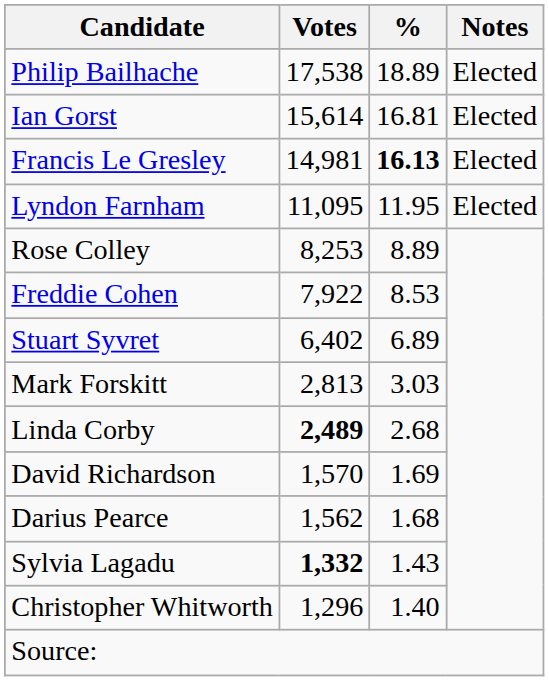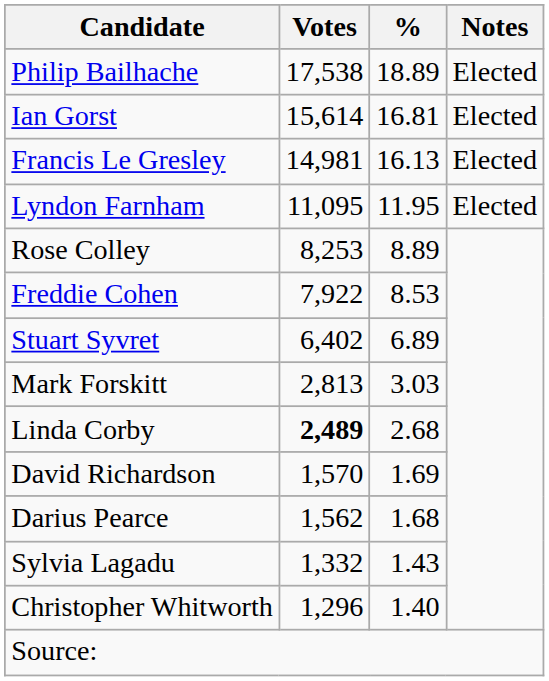 <table class=wikitable style=text-align:right>
 <tr>
 <th>Candidate</th>
 <th>Votes</th>
 <th>%</th>
 <th>Notes</th>
 </tr>
 <tr>
 <td align=left><a href='#'>Philip Bailhache</a></td>
 <td>17,538</td>
 <td>18.89</td>
 <td align=left>Elected</td>
 </tr>
 <tr>
 <td align=left><a href='#'>Ian Gorst</a></td>
 <td>15,614</td>
 <td>16.81</td>
 <td align=left>Elected</td>
 </tr>
 <tr>
 <td align=left><a href='#'>Francis Le Gresley</a></td>
 <td>14,981</td>
-<td><strong>16.13</strong></td>
+<td>16.13</td>
 <td align=left>Elected</td>
 </tr>
 <tr>
 <td align=left><a href='#'>Lyndon Farnham</a></td>
 <td>11,095</td>
 <td>11.95</td>
 <td align=left>Elected</td>
 </tr>
 <tr>
 <td align=left>Rose Colley</td>
 <td>8,253</td>
 <td>8.89</td>
 </tr>
 <tr>
 <td align=left><a href='#'>Freddie Cohen</a></td>
 <td>7,922</td>
 <td>8.53</td>
 </tr>
 <tr>
 <td align=left><a href='#'>Stuart Syvret</a></td>
 <td>6,402</td>
 <td>6.89</td>
 </tr>
 <tr>
 <td align=left>Mark Forskitt</td>
 <td>2,813</td>
 <td>3.03</td>
 </tr>
 <tr>
 <td align=left>Linda Corby</td>
 <td><strong>2,489</strong></td>
 <td>2.68</td>
 </tr>
 <tr>
 <td align=left>David Richardson</td>
 <td>1,570</td>
 <td>1.69</td>
 </tr>
 <tr>
 <td align=left>Darius Pearce</td>
 <td>1,562</td>
 <td>1.68</td>
 </tr>
 <tr>
 <td align=left>Sylvia Lagadu</td>
-<td><strong>1,332</strong></td>
+<td>1,332</td>
 <td>1.43</td>
 </tr>
 <tr>
 <td align=left>Christopher Whitworth</td>
 <td>1,296</td>
 <td>1.40</td>
 </tr>
 <tr>
 <td align=left colspan=4>Source: </td>
 </tr>
 </table>
